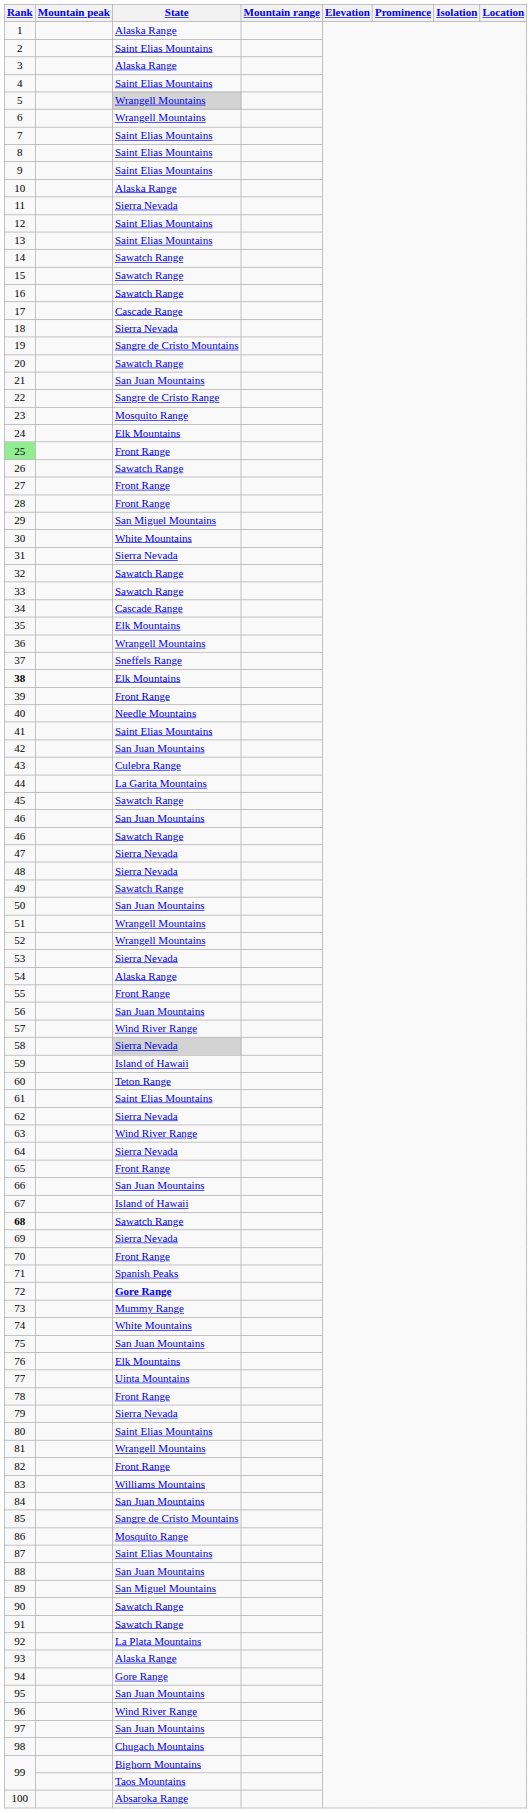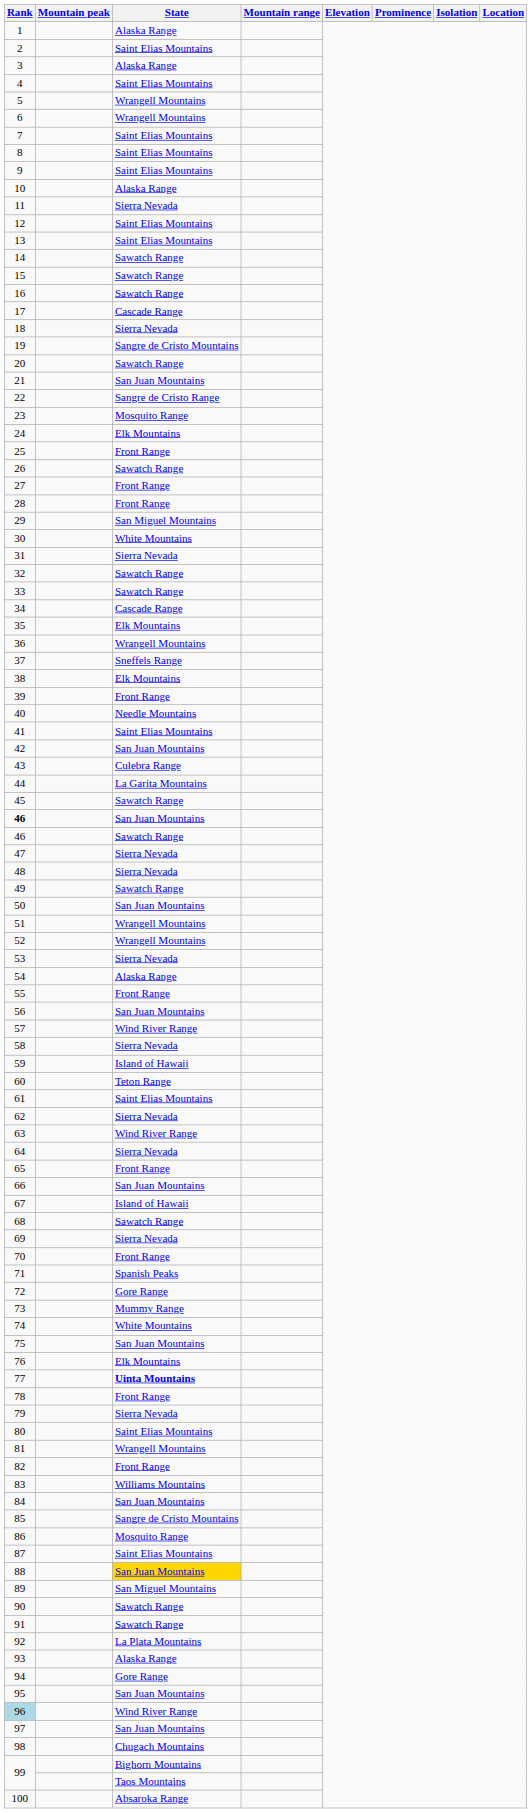 <table class="wikitable sortable">
 <tr>
 <th><a href='#'>Rank</a></th>
 <th><a href='#'>Mountain peak</a></th>
 <th><a href='#'>State</a></th>
 <th><a href='#'>Mountain range</a></th>
 <th><a href='#'>Elevation</a></th>
 <th><a href='#'>Prominence</a></th>
 <th><a href='#'>Isolation</a></th>
 <th><a href='#'>Location</a></th>
 </tr>
 <tr>
 <td align=center>1<br></td>
 <td></td>
 <td><a href='#'>Alaska Range</a><br></td>
 <td></td>
 </tr>
 <tr>
 <td align=center>2<br></td>
 <td><br></td>
 <td><a href='#'>Saint Elias Mountains</a><br></td>
 <td></td>
 </tr>
 <tr>
 <td align=center>3<br></td>
 <td></td>
 <td><a href='#'>Alaska Range</a><br></td>
 <td></td>
 </tr>
 <tr>
 <td align=center>4<br></td>
 <td></td>
 <td><a href='#'>Saint Elias Mountains</a><br></td>
 <td></td>
 </tr>
 <tr>
 <td align=center>5<br></td>
 <td></td>
-<td style="background: lightgrey;"><a href='#'>Wrangell Mountains</a><br></td>
+<td><a href='#'>Wrangell Mountains</a><br></td>
 <td></td>
 </tr>
 <tr>
 <td align=center>6<br></td>
 <td></td>
 <td><a href='#'>Wrangell Mountains</a><br></td>
 <td></td>
 </tr>
 <tr>
 <td align=center>7<br></td>
 <td><br></td>
 <td><a href='#'>Saint Elias Mountains</a><br></td>
 <td></td>
 </tr>
 <tr>
 <td align=center>8<br></td>
 <td><br></td>
 <td><a href='#'>Saint Elias Mountains</a><br></td>
 <td></td>
 </tr>
 <tr>
 <td align=center>9<br></td>
 <td></td>
 <td><a href='#'>Saint Elias Mountains</a><br></td>
 <td></td>
 </tr>
 <tr>
 <td align=center>10<br></td>
 <td></td>
 <td><a href='#'>Alaska Range</a><br></td>
 <td></td>
 </tr>
 <tr>
 <td align=center>11<br></td>
 <td></td>
 <td><a href='#'>Sierra Nevada</a><br></td>
 <td></td>
 </tr>
 <tr>
 <td align=center>12<br></td>
 <td><br></td>
 <td><a href='#'>Saint Elias Mountains</a><br></td>
 <td></td>
 </tr>
 <tr>
 <td align=center>13<br></td>
 <td></td>
 <td><a href='#'>Saint Elias Mountains</a><br></td>
 <td></td>
 </tr>
 <tr>
 <td align=center>14<br></td>
 <td></td>
 <td><a href='#'>Sawatch Range</a><br></td>
 <td></td>
 </tr>
 <tr>
 <td align=center>15<br></td>
 <td></td>
 <td><a href='#'>Sawatch Range</a><br></td>
 <td></td>
 </tr>
 <tr>
 <td align=center>16<br></td>
 <td></td>
 <td><a href='#'>Sawatch Range</a><br></td>
 <td></td>
 </tr>
 <tr>
 <td align=center>17<br></td>
 <td></td>
 <td><a href='#'>Cascade Range</a><br></td>
 <td></td>
 </tr>
 <tr>
 <td align=center>18<br></td>
 <td></td>
 <td><a href='#'>Sierra Nevada</a><br></td>
 <td></td>
 </tr>
 <tr>
 <td align=center>19<br></td>
 <td></td>
 <td><a href='#'>Sangre de Cristo Mountains</a><br></td>
 <td></td>
 </tr>
 <tr>
 <td align=center>20<br></td>
 <td></td>
 <td><a href='#'>Sawatch Range</a><br></td>
 <td></td>
 </tr>
 <tr>
 <td align=center>21<br></td>
 <td></td>
 <td><a href='#'>San Juan Mountains</a><br></td>
 <td></td>
 </tr>
 <tr>
 <td align=center>22<br></td>
 <td></td>
 <td><a href='#'>Sangre de Cristo Range</a><br></td>
 <td></td>
 </tr>
 <tr>
 <td align=center>23<br></td>
 <td></td>
 <td><a href='#'>Mosquito Range</a><br></td>
 <td></td>
 </tr>
 <tr>
 <td align=center>24<br></td>
 <td></td>
 <td><a href='#'>Elk Mountains</a><br></td>
 <td></td>
 </tr>
 <tr>
-<td align=center style="background: lightgreen;">25<br></td>
+<td align=center>25<br></td>
 <td></td>
 <td><a href='#'>Front Range</a><br></td>
 <td></td>
 </tr>
 <tr>
 <td align=center>26<br></td>
 <td></td>
 <td><a href='#'>Sawatch Range</a><br></td>
 <td></td>
 </tr>
 <tr>
 <td align=center>27<br></td>
 <td></td>
 <td><a href='#'>Front Range</a><br></td>
 <td></td>
 </tr>
 <tr>
 <td align=center>28<br></td>
 <td></td>
 <td><a href='#'>Front Range</a><br></td>
 <td></td>
 </tr>
 <tr>
 <td align=center>29<br></td>
 <td></td>
 <td><a href='#'>San Miguel Mountains</a><br></td>
 <td></td>
 </tr>
 <tr>
 <td align=center>30<br></td>
 <td></td>
 <td><a href='#'>White Mountains</a><br></td>
 <td></td>
 </tr>
 <tr>
 <td align=center>31<br></td>
 <td></td>
 <td><a href='#'>Sierra Nevada</a><br></td>
 <td></td>
 </tr>
 <tr>
 <td align=center>32<br></td>
 <td></td>
 <td><a href='#'>Sawatch Range</a><br></td>
 <td></td>
 </tr>
 <tr>
 <td align=center>33<br></td>
 <td></td>
 <td><a href='#'>Sawatch Range</a><br></td>
 <td></td>
 </tr>
 <tr>
 <td align=center>34<br></td>
 <td></td>
 <td><a href='#'>Cascade Range</a><br></td>
 <td></td>
 </tr>
 <tr>
 <td align=center>35<br></td>
 <td></td>
 <td><a href='#'>Elk Mountains</a><br></td>
 <td></td>
 </tr>
 <tr>
 <td align=center>36<br></td>
 <td></td>
 <td><a href='#'>Wrangell Mountains</a><br></td>
 <td></td>
 </tr>
 <tr>
 <td align=center>37<br></td>
 <td></td>
 <td><a href='#'>Sneffels Range</a><br></td>
 <td></td>
 </tr>
 <tr>
-<td align=center><strong>38<br></strong></td>
+<td align=center>38<br></td>
 <td></td>
 <td><a href='#'>Elk Mountains</a><br></td>
 <td></td>
 </tr>
 <tr>
 <td align=center>39<br></td>
 <td></td>
 <td><a href='#'>Front Range</a><br></td>
 <td></td>
 </tr>
 <tr>
 <td align=center>40<br></td>
 <td></td>
 <td><a href='#'>Needle Mountains</a><br></td>
 <td></td>
 </tr>
 <tr>
 <td align=center>41<br></td>
 <td><br></td>
 <td><a href='#'>Saint Elias Mountains</a><br></td>
 <td></td>
 </tr>
 <tr>
 <td align=center>42<br></td>
 <td></td>
 <td><a href='#'>San Juan Mountains</a><br></td>
 <td></td>
 </tr>
 <tr>
 <td align=center>43<br></td>
 <td></td>
 <td><a href='#'>Culebra Range</a><br></td>
 <td></td>
 </tr>
 <tr>
 <td align=center>44<br></td>
 <td></td>
 <td><a href='#'>La Garita Mountains</a><br></td>
 <td></td>
 </tr>
 <tr>
 <td align=center>45<br></td>
 <td></td>
 <td><a href='#'>Sawatch Range</a><br></td>
 <td></td>
 </tr>
 <tr>
-<td align=center>46<br></td>
+<td align=center><strong>46<br></strong></td>
 <td></td>
 <td><a href='#'>San Juan Mountains</a><br></td>
 <td></td>
 </tr>
 <tr>
 <td align=center>46<br></td>
 <td></td>
 <td><a href='#'>Sawatch Range</a><br></td>
 <td></td>
 </tr>
 <tr>
 <td align=center>47<br></td>
 <td></td>
 <td><a href='#'>Sierra Nevada</a><br></td>
 <td></td>
 </tr>
 <tr>
 <td align=center>48<br></td>
 <td></td>
 <td><a href='#'>Sierra Nevada</a><br></td>
 <td></td>
 </tr>
 <tr>
 <td align=center>49<br></td>
 <td></td>
 <td><a href='#'>Sawatch Range</a><br></td>
 <td></td>
 </tr>
 <tr>
 <td align=center>50<br></td>
 <td></td>
 <td><a href='#'>San Juan Mountains</a><br></td>
 <td></td>
 </tr>
 <tr>
 <td align=center>51<br></td>
 <td></td>
 <td><a href='#'>Wrangell Mountains</a><br></td>
 <td></td>
 </tr>
 <tr>
 <td align=center>52<br></td>
 <td></td>
 <td><a href='#'>Wrangell Mountains</a><br></td>
 <td></td>
 </tr>
 <tr>
 <td align=center>53<br></td>
 <td></td>
 <td><a href='#'>Sierra Nevada</a><br></td>
 <td></td>
 </tr>
 <tr>
 <td align=center>54<br></td>
 <td></td>
 <td><a href='#'>Alaska Range</a><br></td>
 <td></td>
 </tr>
 <tr>
 <td align=center>55<br></td>
 <td></td>
 <td><a href='#'>Front Range</a><br></td>
 <td></td>
 </tr>
 <tr>
 <td align=center>56<br></td>
 <td></td>
 <td><a href='#'>San Juan Mountains</a><br></td>
 <td></td>
 </tr>
 <tr>
 <td align=center>57<br></td>
 <td></td>
 <td><a href='#'>Wind River Range</a><br></td>
 <td></td>
 </tr>
 <tr>
 <td align=center>58<br></td>
 <td></td>
-<td style="background: lightgrey;"><a href='#'>Sierra Nevada</a><br></td>
+<td><a href='#'>Sierra Nevada</a><br></td>
 <td></td>
 </tr>
 <tr>
 <td align=center>59<br></td>
 <td></td>
 <td><a href='#'>Island of Hawaii</a><br></td>
 <td></td>
 </tr>
 <tr>
 <td align=center>60<br></td>
 <td></td>
 <td><a href='#'>Teton Range</a><br></td>
 <td></td>
 </tr>
 <tr>
 <td align=center>61<br></td>
 <td><br></td>
 <td><a href='#'>Saint Elias Mountains</a><br></td>
 <td></td>
 </tr>
 <tr>
 <td align=center>62<br></td>
 <td></td>
 <td><a href='#'>Sierra Nevada</a><br></td>
 <td></td>
 </tr>
 <tr>
 <td align=center>63<br></td>
 <td></td>
 <td><a href='#'>Wind River Range</a><br></td>
 <td></td>
 </tr>
 <tr>
 <td align=center>64<br></td>
 <td></td>
 <td><a href='#'>Sierra Nevada</a><br></td>
 <td></td>
 </tr>
 <tr>
 <td align=center>65<br></td>
 <td></td>
 <td><a href='#'>Front Range</a><br></td>
 <td></td>
 </tr>
 <tr>
 <td align=center>66<br></td>
 <td></td>
 <td><a href='#'>San Juan Mountains</a><br></td>
 <td></td>
 </tr>
 <tr>
 <td align=center>67<br></td>
 <td></td>
 <td><a href='#'>Island of Hawaii</a><br></td>
 <td></td>
 </tr>
 <tr>
-<td align=center><strong>68<br></strong></td>
+<td align=center>68<br></td>
 <td></td>
 <td><a href='#'>Sawatch Range</a><br></td>
 <td></td>
 </tr>
 <tr>
 <td align=center>69<br></td>
 <td></td>
 <td><a href='#'>Sierra Nevada</a><br></td>
 <td></td>
 </tr>
 <tr>
 <td align=center>70<br></td>
 <td></td>
 <td><a href='#'>Front Range</a><br></td>
 <td></td>
 </tr>
 <tr>
 <td align=center>71<br></td>
 <td></td>
 <td><a href='#'>Spanish Peaks</a><br></td>
 <td></td>
 </tr>
 <tr>
 <td align=center>72<br></td>
 <td></td>
-<td><strong><a href='#'>Gore Range</a><br></strong></td>
+<td><a href='#'>Gore Range</a><br></td>
 <td></td>
 </tr>
 <tr>
 <td align=center>73<br></td>
 <td></td>
 <td><a href='#'>Mummy Range</a><br></td>
 <td></td>
 </tr>
 <tr>
 <td align=center>74<br></td>
 <td></td>
 <td><a href='#'>White Mountains</a><br></td>
 <td></td>
 </tr>
 <tr>
 <td align=center>75<br></td>
 <td></td>
 <td><a href='#'>San Juan Mountains</a><br></td>
 <td></td>
 </tr>
 <tr>
 <td align=center>76<br></td>
 <td></td>
 <td><a href='#'>Elk Mountains</a><br></td>
 <td></td>
 </tr>
 <tr>
 <td align=center>77<br></td>
 <td></td>
-<td><a href='#'>Uinta Mountains</a><br></td>
+<td><strong><a href='#'>Uinta Mountains</a><br></strong></td>
 <td></td>
 </tr>
 <tr>
 <td align=center>78<br></td>
 <td></td>
 <td><a href='#'>Front Range</a><br></td>
 <td></td>
 </tr>
 <tr>
 <td align=center>79<br></td>
 <td></td>
 <td><a href='#'>Sierra Nevada</a><br></td>
 <td></td>
 </tr>
 <tr>
 <td align=center>80<br></td>
 <td></td>
 <td><a href='#'>Saint Elias Mountains</a><br></td>
 <td></td>
 </tr>
 <tr>
 <td align=center>81<br></td>
 <td></td>
 <td><a href='#'>Wrangell Mountains</a><br></td>
 <td></td>
 </tr>
 <tr>
 <td align=center>82<br></td>
 <td></td>
 <td><a href='#'>Front Range</a><br></td>
 <td></td>
 </tr>
 <tr>
 <td align=center>83<br></td>
 <td></td>
 <td><a href='#'>Williams Mountains</a><br></td>
 <td></td>
 </tr>
 <tr>
 <td align=center>84<br></td>
 <td></td>
 <td><a href='#'>San Juan Mountains</a><br></td>
 <td></td>
 </tr>
 <tr>
 <td align=center>85<br></td>
 <td></td>
 <td><a href='#'>Sangre de Cristo Mountains</a><br></td>
 <td></td>
 </tr>
 <tr>
 <td align=center>86<br></td>
 <td></td>
 <td><a href='#'>Mosquito Range</a><br></td>
 <td></td>
 </tr>
 <tr>
 <td align=center>87<br></td>
 <td></td>
 <td><a href='#'>Saint Elias Mountains</a><br></td>
 <td></td>
 </tr>
 <tr>
 <td align=center>88<br></td>
 <td></td>
-<td><a href='#'>San Juan Mountains</a><br></td>
+<td style="background: gold;"><a href='#'>San Juan Mountains</a><br></td>
 <td></td>
 </tr>
 <tr>
 <td align=center>89<br></td>
 <td></td>
 <td><a href='#'>San Miguel Mountains</a><br></td>
 <td></td>
 </tr>
 <tr>
 <td align=center>90<br></td>
 <td></td>
 <td><a href='#'>Sawatch Range</a><br></td>
 <td></td>
 </tr>
 <tr>
 <td align=center>91<br></td>
 <td></td>
 <td><a href='#'>Sawatch Range</a><br></td>
 <td></td>
 </tr>
 <tr>
 <td align=center>92<br></td>
 <td></td>
 <td><a href='#'>La Plata Mountains</a><br></td>
 <td></td>
 </tr>
 <tr>
 <td align=center>93<br></td>
 <td></td>
 <td><a href='#'>Alaska Range</a><br></td>
 <td></td>
 </tr>
 <tr>
 <td align=center>94<br></td>
 <td></td>
 <td><a href='#'>Gore Range</a><br></td>
 <td></td>
 </tr>
 <tr>
 <td align=center>95<br></td>
 <td></td>
 <td><a href='#'>San Juan Mountains</a><br></td>
 <td></td>
 </tr>
 <tr>
-<td align=center>96<br></td>
+<td align=center style="background: lightblue;">96<br></td>
 <td></td>
 <td><a href='#'>Wind River Range</a><br></td>
 <td></td>
 </tr>
 <tr>
 <td align=center>97<br></td>
 <td></td>
 <td><a href='#'>San Juan Mountains</a><br></td>
 <td></td>
 </tr>
 <tr>
 <td align=center>98<br></td>
 <td></td>
 <td><a href='#'>Chugach Mountains</a><br></td>
 <td></td>
 </tr>
 <tr>
 <td align=center rowspan=2>99<br></td>
 <td></td>
 <td><a href='#'>Bighorn Mountains</a><br></td>
 <td></td>
 </tr>
 <tr>
 <td></td>
 <td><a href='#'>Taos Mountains</a><br></td>
 <td></td>
 </tr>
 <tr>
 <td align=center>100<br></td>
 <td></td>
 <td><a href='#'>Absaroka Range</a><br></td>
 <td></td>
 </tr>
 </table>
